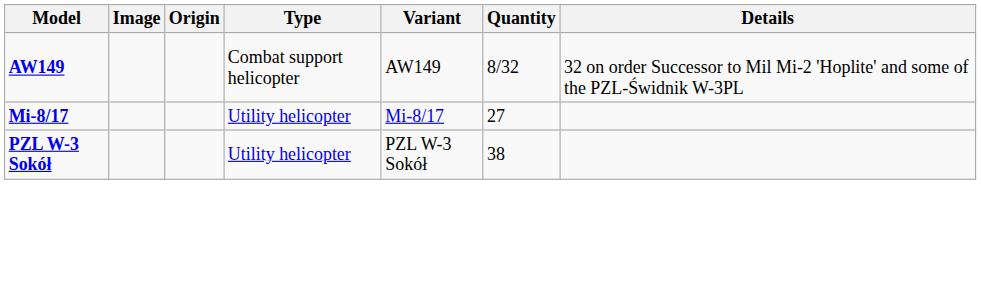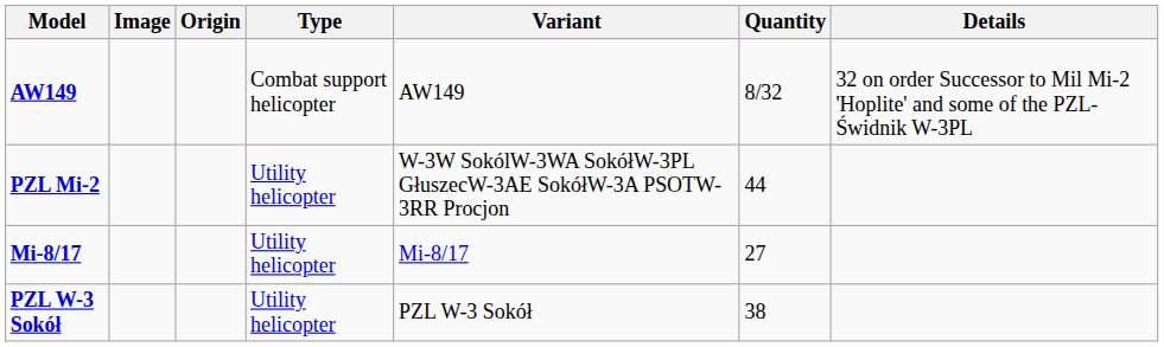 <table class="wikitable">
 <tr>
 <th>Model</th>
 <th>Image</th>
 <th>Origin</th>
 <th>Type</th>
 <th>Variant</th>
 <th>Quantity</th>
 <th>Details</th>
 </tr>
 <tr>
 <td><a href='#'><strong>AW149</strong></a></td>
 <td></td>
 <td><small></small><small></small></td>
 <td>Combat support helicopter</td>
 <td>AW149</td>
 <td>8/32</td>
 <td><br>32 on order  Successor to Mil Mi-2 'Hoplite' and some of the PZL-Świdnik W-3PL </td>
 </tr>
 <tr>
+<td><strong><a href='#'>PZL Mi-2</a></strong></td>
+<td></td>
+<td><small></small></td>
+<td><a href='#'>Utility helicopter</a></td>
+<td>W-3W SokólW-3WA SokółW-3PL GłuszecW-3AE SokółW-3A PSOTW-3RR Procjon</td>
+<td>44</td>
+<td></td>
+</tr>
+<tr>
 <td><a href='#'><strong>Mi-8/17</strong></a></td>
 <td><br></td>
 <td><small></small></td>
 <td><a href='#'>Utility helicopter</a></td>
 <td><a href='#'>Mi-8/17</a></td>
 <td>27</td>
 <td></td>
 </tr>
 <tr>
 <td><strong><a href='#'>PZL W-3 Sokół</a></strong></td>
 <td></td>
 <td><small></small></td>
 <td><a href='#'>Utility helicopter</a></td>
 <td>PZL W-3 Sokół</td>
 <td>38</td>
 <td></td>
 </tr>
 </table>
